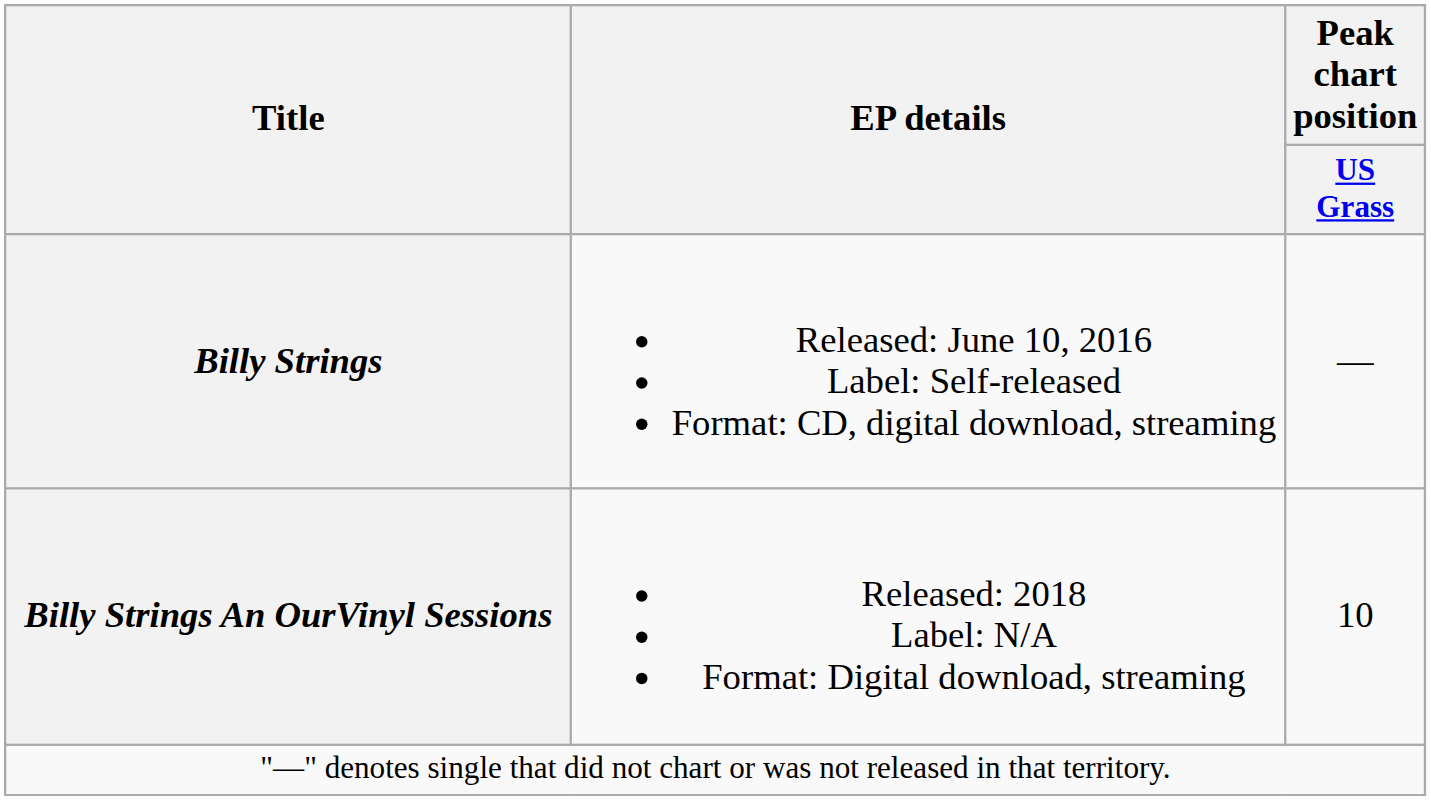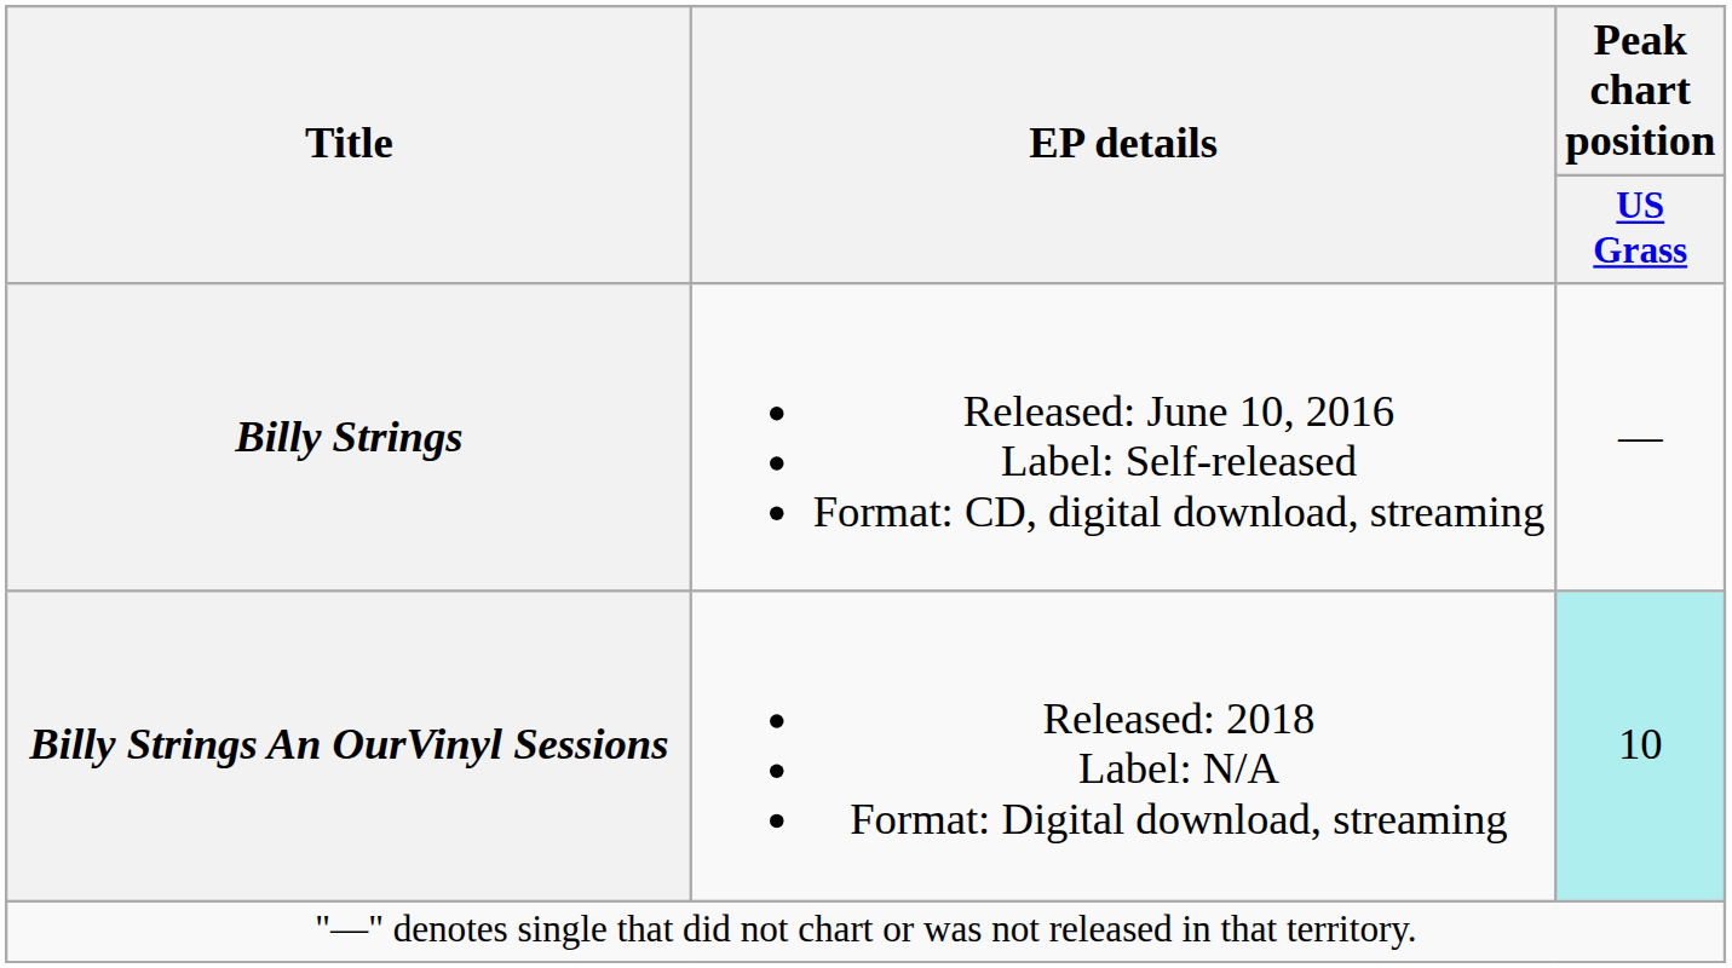 <table class="wikitable plainrowheaders" style="text-align:center">
 <tr>
 <th scope="col" rowspan="2" style="width:15em;">Title</th>
 <th scope="col" rowspan="2" style="width:19em;">EP details</th>
 <th scope="col" colspan="1">Peak chart position</th>
 </tr>
 <tr>
 <th scope="col" style="width:4em; font-size:85%"><a href='#'>US<br>Grass</a><br></th>
 </tr>
 <tr>
 <th scope="row"><em>Billy Strings</em></th>
 <td><br><ul><li>Released: June 10, 2016</li><li>Label: Self-released</li><li>Format: CD, digital download, streaming</li></ul></td>
 <td>—</td>
 </tr>
 <tr>
 <th scope="row"><em>Billy Strings  An OurVinyl Sessions</em></th>
 <td><br><ul><li>Released: 2018</li><li>Label: N/A</li><li>Format: Digital download, streaming</li></ul></td>
-<td>10</td>
+<td style="background: paleturquoise;">10</td>
 </tr>
 <tr>
 <td colspan="8" style="font-size:85%">"—" denotes single that did not chart or was not released in that territory.</td>
 </tr>
 </table>
